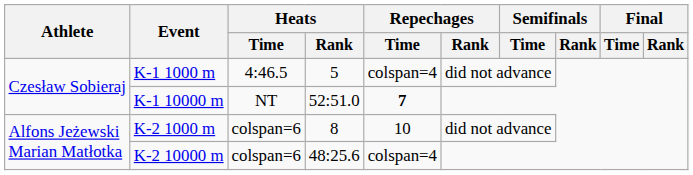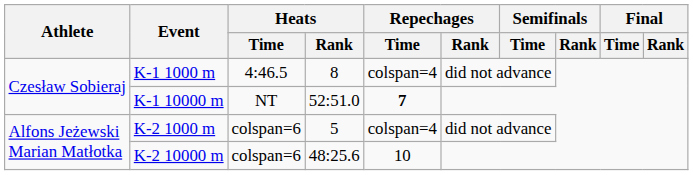 <table class="wikitable" style="font-size:90%">
 <tr>
 <th rowspan=2>Athlete</th>
 <th rowspan=2>Event</th>
 <th colspan=2>Heats</th>
 <th colspan=2>Repechages</th>
 <th colspan=2>Semifinals</th>
 <th colspan=2>Final</th>
 </tr>
 <tr style="font-size:95%">
 <th>Time</th>
 <th>Rank</th>
 <th>Time</th>
 <th>Rank</th>
 <th>Time</th>
 <th>Rank</th>
 <th>Time</th>
 <th>Rank</th>
 </tr>
 <tr align=center>
 <td align=left rowspan=2><a href='#'>Czesław Sobieraj</a></td>
 <td align=left><a href='#'>K-1 1000 m</a></td>
 <td>4:46.5</td>
-<td>5</td>
+<td>8</td>
 <td>colspan=4 </td>
 <td colspan=2>did not advance</td>
 </tr>
 <tr align=center>
 <td align=left><a href='#'>K-1 10000 m</a></td>
 <td>NT</td>
 <td>52:51.0</td>
 <td><strong>7</strong></td>
 </tr>
 <tr align=center>
 <td align=left rowspan=2><a href='#'>Alfons Jeżewski</a><br><a href='#'>Marian Matłotka</a></td>
 <td align=left><a href='#'>K-2 1000 m</a></td>
 <td>colspan=6 </td>
-<td>8</td>
-<td>10</td>
+<td>5</td>
+<td>colspan=4 </td>
 <td colspan=2>did not advance</td>
 </tr>
 <tr align=center>
 <td align=left><a href='#'>K-2 10000 m</a></td>
 <td>colspan=6 </td>
 <td>48:25.6</td>
-<td>colspan=4 </td>
+<td>10</td>
 </tr>
 </table>
